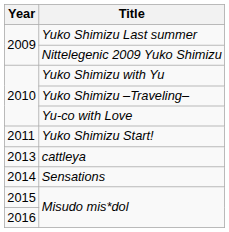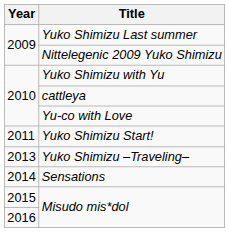 <table class="wikitable">
 <tr>
 <th>Year</th>
 <th>Title</th>
 </tr>
 <tr>
 <td rowspan="2">2009</td>
 <td><em>Yuko Shimizu Last summer</em></td>
 </tr>
 <tr>
 <td><em>Nittelegenic 2009 Yuko Shimizu</em></td>
 </tr>
 <tr>
 <td rowspan="3">2010</td>
 <td><em>Yuko Shimizu with Yu</em></td>
 </tr>
 <tr>
-<td><em>Yuko Shimizu –Traveling–</em></td>
+<td><em>cattleya</em></td>
 </tr>
 <tr>
 <td><em>Yu-co with Love</em></td>
 </tr>
 <tr>
 <td>2011</td>
 <td><em>Yuko Shimizu Start!</em></td>
 </tr>
 <tr>
 <td>2013</td>
-<td><em>cattleya</em></td>
+<td><em>Yuko Shimizu –Traveling–</em></td>
 </tr>
 <tr>
 <td>2014</td>
 <td><em>Sensations</em></td>
 </tr>
 <tr>
 <td>2015</td>
 <td rowspan="2"><em>Misudo mis*dol</em></td>
 </tr>
 <tr>
 <td>2016</td>
 </tr>
 </table>
